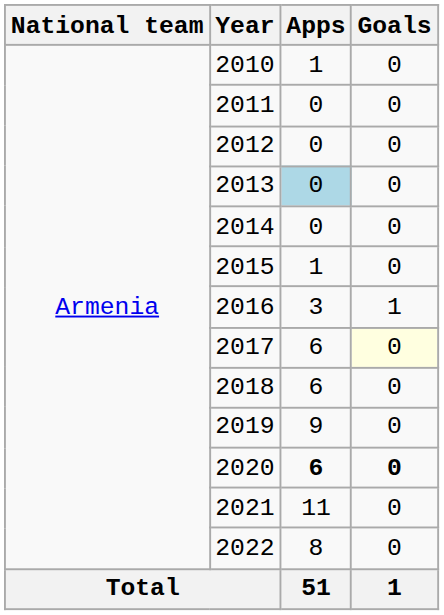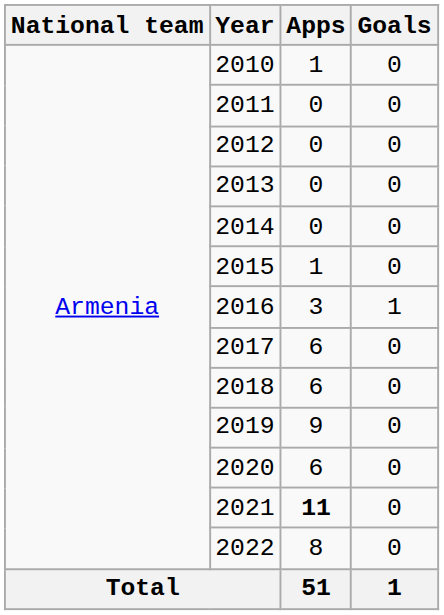 <table class="wikitable" style="text-align:center">
 <tr>
 <th>National team</th>
 <th>Year</th>
 <th>Apps</th>
 <th>Goals</th>
 </tr>
 <tr>
 <td rowspan="13"><a href='#'>Armenia</a></td>
 <td>2010</td>
 <td>1</td>
 <td>0</td>
 </tr>
 <tr>
 <td>2011</td>
 <td>0</td>
 <td>0</td>
 </tr>
 <tr>
 <td>2012</td>
 <td>0</td>
 <td>0</td>
 </tr>
 <tr>
 <td>2013</td>
-<td style="background: lightblue;">0</td>
+<td>0</td>
 <td>0</td>
 </tr>
 <tr>
 <td>2014</td>
 <td>0</td>
 <td>0</td>
 </tr>
 <tr>
 <td>2015</td>
 <td>1</td>
 <td>0</td>
 </tr>
 <tr>
 <td>2016</td>
 <td>3</td>
 <td>1</td>
 </tr>
 <tr>
 <td>2017</td>
 <td>6</td>
-<td style="background: lightyellow;">0</td>
+<td>0</td>
 </tr>
 <tr>
 <td>2018</td>
 <td>6</td>
 <td>0</td>
 </tr>
 <tr>
 <td>2019</td>
 <td>9</td>
 <td>0</td>
 </tr>
 <tr>
 <td>2020</td>
-<td><strong>6</strong></td>
-<td><strong>0</strong></td>
+<td>6</td>
+<td>0</td>
 </tr>
 <tr>
 <td>2021</td>
-<td>11</td>
+<td><strong>11</strong></td>
 <td>0</td>
 </tr>
 <tr>
 <td>2022</td>
 <td>8</td>
 <td>0</td>
 </tr>
 <tr>
 <th colspan="2">Total</th>
 <th>51</th>
 <th>1</th>
 </tr>
 </table>
